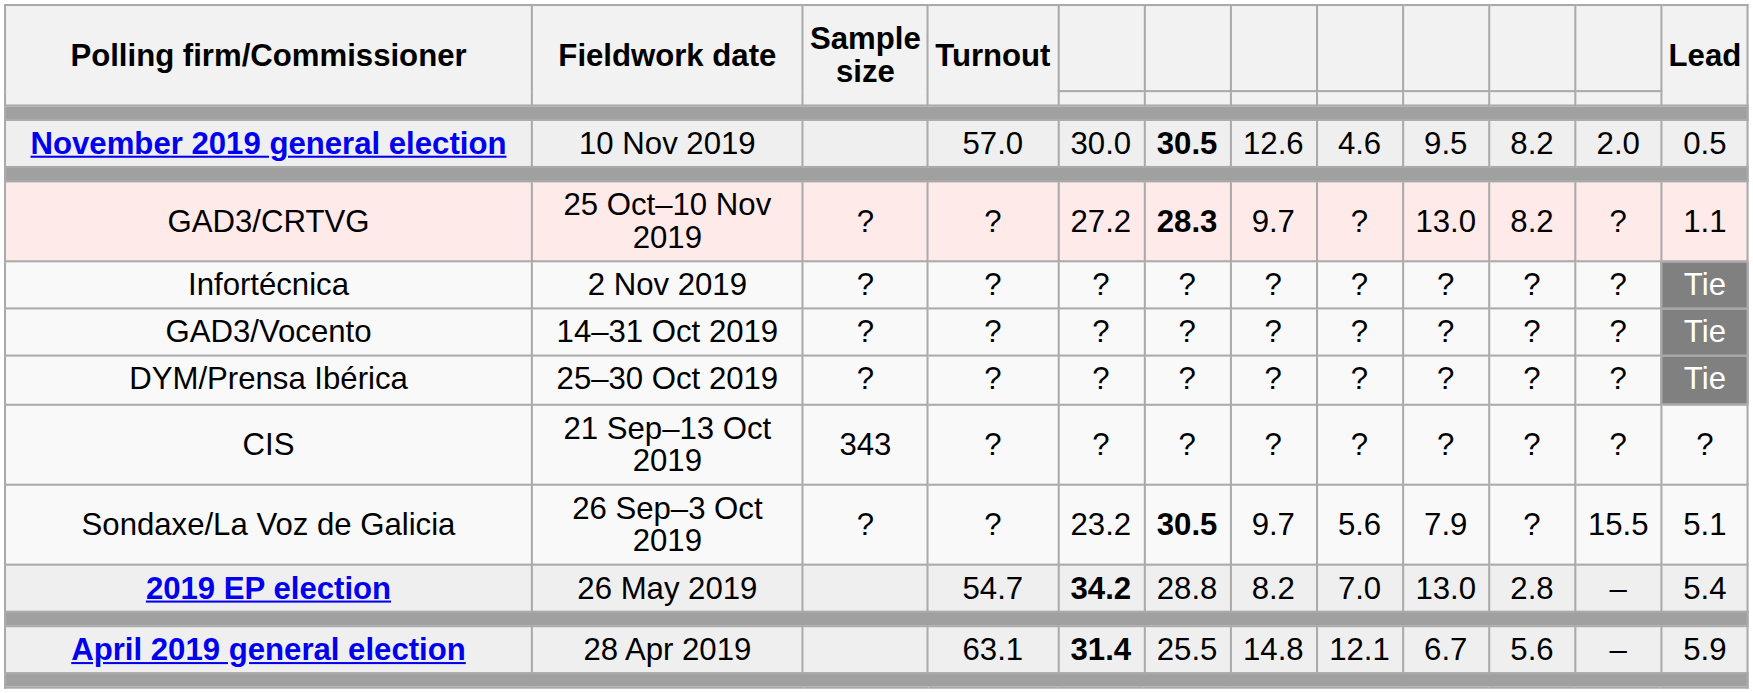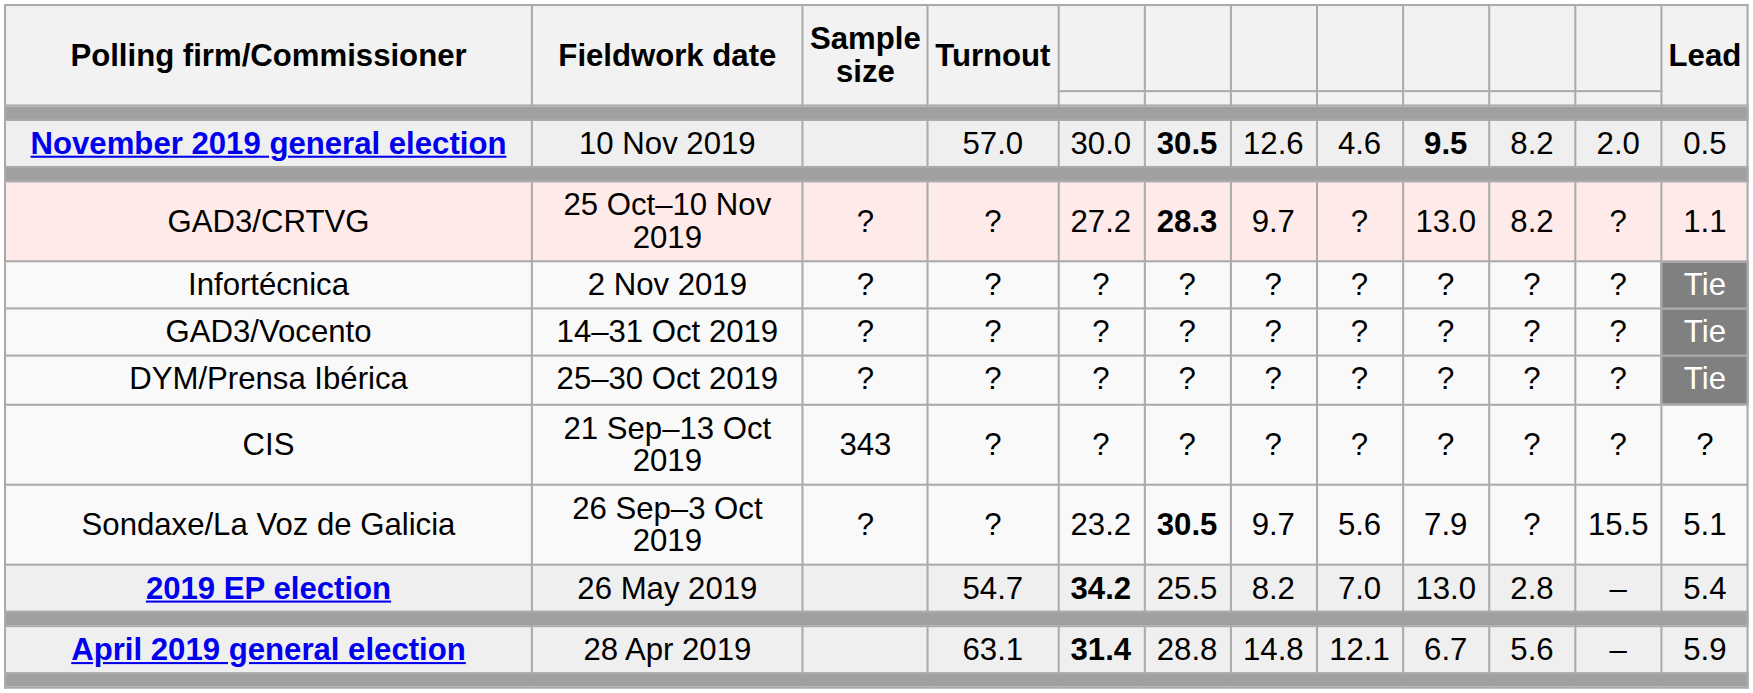 <table class="wikitable collapsible collapsed" style="text-align:center; font-size:95%; line-height:16px;">
 <tr style="height:42px;">
 <th style="width:250px;" rowspan="2">Polling firm/Commissioner</th>
 <th style="width:125px;" rowspan="2">Fieldwork date</th>
 <th style="width:50px;" rowspan="2">Sample size</th>
 <th style="width:45px;" rowspan="2">Turnout</th>
 <th style="width:35px;"></th>
 <th style="width:35px;"></th>
 <th style="width:35px;"></th>
 <th style="width:35px;"></th>
 <th style="width:35px;"></th>
 <th style="width:35px;"></th>
 <th style="width:35px;"></th>
 <th style="width:30px;" rowspan="2">Lead</th>
 </tr>
 <tr>
 <th style="color:inherit;background:"></th>
 <th style="color:inherit;background:"></th>
 <th style="color:inherit;background:"></th>
 <th style="color:inherit;background:"></th>
 <th style="color:inherit;background:"></th>
 <th style="color:inherit;background:"></th>
 <th style="color:inherit;background:"></th>
 </tr>
 <tr>
 <td colspan="12" style="background:#A0A0A0"></td>
 </tr>
 <tr style="background:#EFEFEF;">
 <td><strong><a href='#'>November 2019 general election</a></strong></td>
 <td>10 Nov 2019</td>
 <td></td>
 <td>57.0</td>
 <td>30.0<br></td>
 <td><strong>30.5</strong><br></td>
 <td>12.6<br></td>
 <td>4.6<br></td>
-<td>9.5<br></td>
+<td><strong>9.5<br></strong></td>
 <td>8.2<br></td>
 <td>2.0<br></td>
 <td style="background:">0.5</td>
 </tr>
 <tr>
 <td colspan="12" style="background:#A0A0A0"></td>
 </tr>
 <tr style="background:#FFEAEA;">
 <td>GAD3/CRTVG</td>
 <td>25 Oct–10 Nov 2019</td>
 <td>?</td>
 <td>?</td>
 <td>27.2<br></td>
 <td><strong>28.3</strong><br></td>
 <td>9.7<br></td>
 <td>?<br></td>
 <td>13.0<br></td>
 <td>8.2<br></td>
 <td>?<br></td>
 <td style="background:">1.1</td>
 </tr>
 <tr>
 <td>Infortécnica</td>
 <td>2 Nov 2019</td>
 <td>?</td>
 <td>?</td>
 <td>?<br></td>
 <td>?<br></td>
 <td>?<br></td>
 <td>?<br></td>
 <td>?<br></td>
 <td>?<br></td>
 <td>?<br></td>
 <td style="background:gray;color:white;">Tie</td>
 </tr>
 <tr>
 <td>GAD3/Vocento</td>
 <td>14–31 Oct 2019</td>
 <td>?</td>
 <td>?</td>
 <td>?<br></td>
 <td>?<br></td>
 <td>?<br></td>
 <td>?<br></td>
 <td>?<br></td>
 <td>?<br></td>
 <td>?<br></td>
 <td style="background:gray;color:white;">Tie</td>
 </tr>
 <tr>
 <td>DYM/Prensa Ibérica</td>
 <td>25–30 Oct 2019</td>
 <td>?</td>
 <td>?</td>
 <td>?<br></td>
 <td>?<br></td>
 <td>?<br></td>
 <td>?<br></td>
 <td>?<br></td>
 <td>?<br></td>
 <td>?<br></td>
 <td style="background:gray;color:white;">Tie</td>
 </tr>
 <tr>
 <td>CIS</td>
 <td>21 Sep–13 Oct 2019</td>
 <td>343</td>
 <td>?</td>
 <td>?<br></td>
 <td>?<br></td>
 <td>?<br></td>
 <td>?<br></td>
 <td>?<br></td>
 <td>?<br></td>
 <td>?<br></td>
 <td style="background:">?</td>
 </tr>
 <tr>
 <td>Sondaxe/La Voz de Galicia</td>
 <td>26 Sep–3 Oct 2019</td>
 <td>?</td>
 <td>?</td>
 <td>23.2<br></td>
 <td><strong>30.5</strong><br></td>
 <td>9.7<br></td>
 <td>5.6<br></td>
 <td>7.9<br></td>
 <td>?<br></td>
 <td>15.5<br></td>
 <td style="background:">5.1</td>
 </tr>
 <tr style="background:#EFEFEF;">
 <td><strong><a href='#'>2019 EP election</a></strong></td>
 <td>26 May 2019</td>
 <td></td>
 <td>54.7</td>
 <td><strong>34.2</strong><br></td>
-<td>28.8<br></td>
+<td>25.5<br></td>
 <td>8.2<br></td>
 <td>7.0<br></td>
 <td>13.0<br></td>
 <td>2.8<br></td>
 <td>–</td>
 <td style="background:">5.4</td>
 </tr>
 <tr>
 <td colspan="12" style="background:#A0A0A0"></td>
 </tr>
 <tr style="background:#EFEFEF;">
 <td><strong><a href='#'>April 2019 general election</a></strong></td>
 <td>28 Apr 2019</td>
 <td></td>
 <td>63.1</td>
 <td><strong>31.4</strong><br></td>
-<td>25.5<br></td>
+<td>28.8<br></td>
 <td>14.8<br></td>
 <td>12.1<br></td>
 <td>6.7<br></td>
 <td>5.6<br></td>
 <td>–</td>
 <td style="background:">5.9</td>
 </tr>
 <tr>
 <td colspan="12" style="background:#A0A0A0"></td>
 </tr>
 </table>
